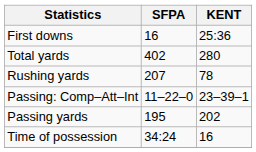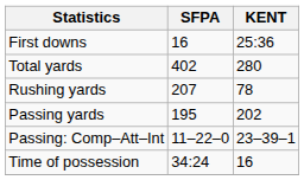 <table class="wikitable" style="float: left;">
 <tr>
 <th>Statistics</th>
 <th>SFPA</th>
 <th>KENT</th>
 </tr>
 <tr>
 <td>First downs</td>
 <td>16</td>
 <td>25:36</td>
 </tr>
 <tr>
 <td>Total yards</td>
 <td>402</td>
 <td>280</td>
 </tr>
 <tr>
 <td>Rushing yards</td>
 <td>207</td>
 <td>78</td>
 </tr>
 <tr>
+<td>Passing yards</td>
+<td>195</td>
+<td>202</td>
+</tr>
+<tr>
 <td>Passing: Comp–Att–Int</td>
 <td>11–22–0</td>
 <td>23–39–1</td>
-</tr>
-<tr>
-<td>Passing yards</td>
-<td>195</td>
-<td>202</td>
 </tr>
 <tr>
 <td>Time of possession</td>
 <td>34:24</td>
 <td>16</td>
 </tr>
 <tr>
 </tr>
 </table>
